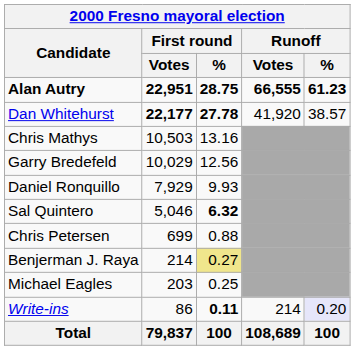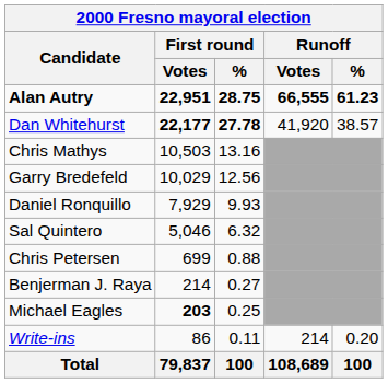 <table class=wikitable>
 <tr>
 <th colspan=5><a href='#'>2000 Fresno mayoral election</a></th>
 </tr>
 <tr>
 <th colspan=1 rowspan=2>Candidate</th>
 <th colspan=2>First round</th>
 <th colspan=2>Runoff</th>
 </tr>
 <tr>
 <th>Votes</th>
 <th>%</th>
 <th>Votes</th>
 <th>%</th>
 </tr>
 <tr>
 <td><strong>Alan Autry</strong></td>
 <td align="right"><strong>22,951</strong></td>
 <td align="right"><strong>28.75</strong></td>
 <td align="right"><strong>66,555</strong></td>
 <td align="right"><strong>61.23</strong></td>
 </tr>
 <tr>
 <td><a href='#'>Dan Whitehurst</a></td>
 <td align="right"><strong>22,177</strong></td>
 <td align="right"><strong>27.78</strong></td>
 <td align="right">41,920</td>
 <td align="right">38.57</td>
 </tr>
 <tr>
 <td>Chris Mathys</td>
 <td align="right">10,503</td>
 <td align="right">13.16</td>
 <td colspan=2 bgcolor=darkgray></td>
 </tr>
 <tr>
 <td>Garry Bredefeld</td>
 <td align="right">10,029</td>
 <td align="right">12.56</td>
 <td colspan=2 bgcolor=darkgray></td>
 </tr>
 <tr>
 <td>Daniel Ronquillo</td>
 <td align="right">7,929</td>
 <td align="right">9.93</td>
 <td colspan=2 bgcolor=darkgray></td>
 </tr>
 <tr>
 <td>Sal Quintero</td>
 <td align="right">5,046</td>
-<td align="right"><strong>6.32</strong></td>
+<td align="right">6.32</td>
 <td colspan=2 bgcolor=darkgray></td>
 </tr>
 <tr>
 <td>Chris Petersen</td>
 <td align="right">699</td>
 <td align="right">0.88</td>
 <td colspan=2 bgcolor=darkgray></td>
 </tr>
 <tr>
 <td>Benjerman J. Raya</td>
 <td align="right">214</td>
-<td align="right" style="background: khaki;">0.27</td>
+<td align="right">0.27</td>
 <td colspan=2 bgcolor=darkgray></td>
 </tr>
 <tr>
 <td>Michael Eagles</td>
-<td align="right">203</td>
+<td align="right"><strong>203</strong></td>
 <td align="right">0.25</td>
 <td colspan=2 bgcolor=darkgray></td>
 </tr>
 <tr>
 <td><em><a href='#'>Write-ins</a></em></td>
 <td align="right">86</td>
-<td align="right"><strong>0.11</strong></td>
+<td align="right">0.11</td>
 <td align="right">214</td>
-<td align="right" style="background: lavender;">0.20</td>
+<td align="right">0.20</td>
 </tr>
 <tr>
 <th>Total</th>
 <th>79,837</th>
 <th>100</th>
 <th>108,689</th>
 <th>100</th>
 </tr>
 </table>
